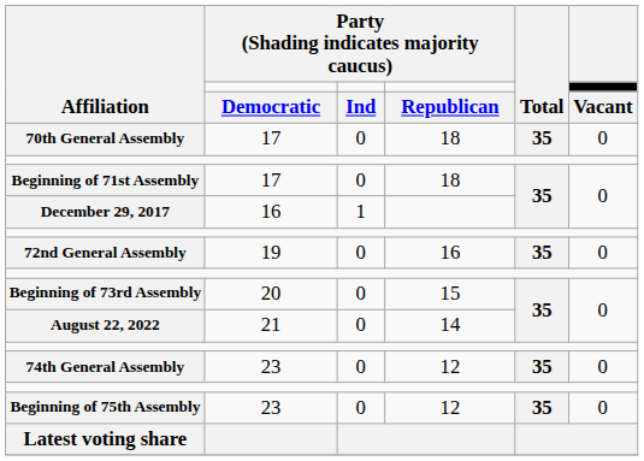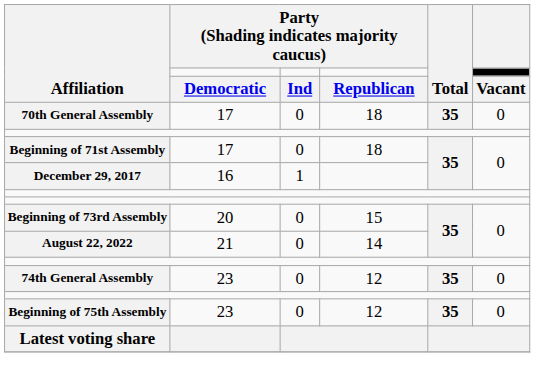 <table class=wikitable style="text-align:center; width:40%">
 <tr style="vertical-align:bottom;">
 <th rowspan=3>Affiliation</th>
 <th colspan=3>Party <div>(Shading indicates majority caucus)</div></th>
 <th rowspan=3>Total</th>
 <th></th>
 </tr>
 <tr style="height:5px">
 <td style="background-color:"></td>
 <td style="background-color:"></td>
 <td style="background-color:"></td>
 <td style="background: black"></td>
 </tr>
 <tr>
 <th><a href='#'>Democratic</a></th>
 <th><a href='#'>Ind</a></th>
 <th><a href='#'>Republican</a></th>
 <th>Vacant</th>
 </tr>
 <tr>
 <th nowrap style="font-size:80%">70th General Assembly</th>
 <td>17</td>
 <td>0</td>
 <td>18</td>
 <th>35</th>
 <td>0</td>
 </tr>
 <tr>
 <td colspan=6></td>
 </tr>
 <tr>
 <th nowrap style="font-size:80%">Beginning of 71st Assembly</th>
 <td>17</td>
 <td>0</td>
 <td>18</td>
 <th rowspan=2>35</th>
 <td rowspan=2>0</td>
 </tr>
 <tr>
 <th nowrap style="font-size:80%">December 29, 2017</th>
 <td>16</td>
 <td>1</td>
 </tr>
 <tr>
 <td colspan=6></td>
-</tr>
-<tr>
-<th nowrap style="font-size:80%">72nd General Assembly</th>
-<td>19</td>
-<td>0</td>
-<td>16</td>
-<th>35</th>
-<td>0</td>
 </tr>
 <tr>
 <td colspan=6></td>
 </tr>
 <tr>
 <th nowrap style="font-size:80%">Beginning of 73rd Assembly</th>
 <td>20</td>
 <td>0</td>
 <td>15</td>
 <th rowspan=2>35</th>
 <td rowspan=2>0</td>
 </tr>
 <tr>
 <th nowrap style="font-size:80%">August 22, 2022</th>
 <td>21</td>
 <td>0</td>
 <td>14</td>
 </tr>
 <tr>
 <td colspan=6></td>
 </tr>
 <tr>
 <th nowrap style="font-size:80%">74th General Assembly</th>
 <td>23</td>
 <td>0</td>
 <td>12</td>
 <th>35</th>
 <td>0</td>
 </tr>
 <tr>
 <td colspan=6></td>
 </tr>
 <tr>
 <th nowrap style="font-size:80%">Beginning of 75th Assembly</th>
 <td>23</td>
 <td>0</td>
 <td>12</td>
 <th>35</th>
 <td>0</td>
 </tr>
 <tr>
 <th>Latest voting share</th>
 <th></th>
 <th colspan=2></th>
 <th colspan=2></th>
 </tr>
 <tr>
 </tr>
 </table>
